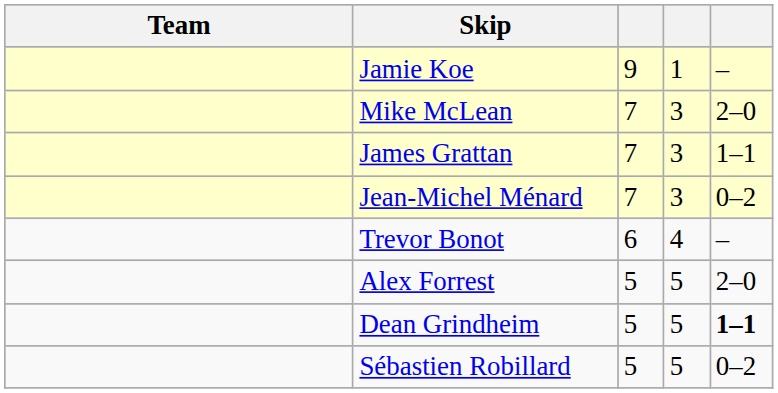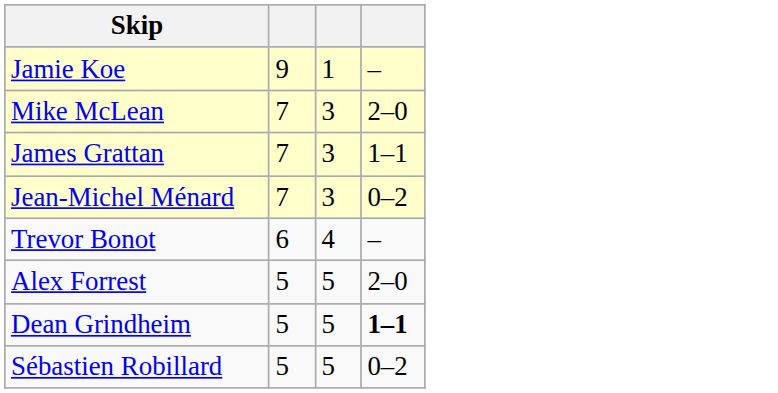 <table class="wikitable">
 <tr>
-<th width=200>Team</th>
 <th width=150>Skip</th>
 <th width=20></th>
 <th width=20></th>
 <th width=30></th>
 </tr>
 <tr bgcolor=ffffcc>
-<td></td>
 <td><a href='#'>Jamie Koe</a></td>
 <td>9</td>
 <td>1</td>
 <td>–</td>
 </tr>
 <tr bgcolor=ffffcc>
-<td></td>
 <td><a href='#'>Mike McLean</a></td>
 <td>7</td>
 <td>3</td>
 <td>2–0</td>
 </tr>
 <tr bgcolor=#ffffcc>
-<td></td>
 <td><a href='#'>James Grattan</a></td>
 <td>7</td>
 <td>3</td>
 <td>1–1</td>
 </tr>
 <tr bgcolor=ffffcc>
-<td></td>
 <td><a href='#'>Jean-Michel Ménard</a></td>
 <td>7</td>
 <td>3</td>
 <td>0–2</td>
 </tr>
 <tr>
-<td></td>
 <td><a href='#'>Trevor Bonot</a></td>
 <td>6</td>
 <td>4</td>
 <td>–</td>
 </tr>
 <tr>
-<td></td>
 <td><a href='#'>Alex Forrest</a></td>
 <td>5</td>
 <td>5</td>
 <td>2–0</td>
 </tr>
 <tr>
-<td></td>
 <td><a href='#'>Dean Grindheim</a></td>
 <td>5</td>
 <td>5</td>
 <td><strong>1–1</strong></td>
 </tr>
 <tr>
-<td></td>
 <td><a href='#'>Sébastien Robillard</a></td>
 <td>5</td>
 <td>5</td>
 <td>0–2</td>
 </tr>
 </table>
